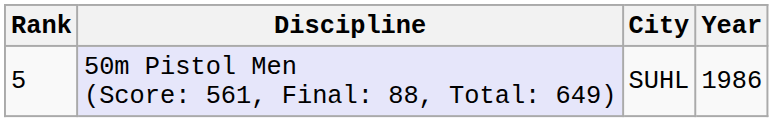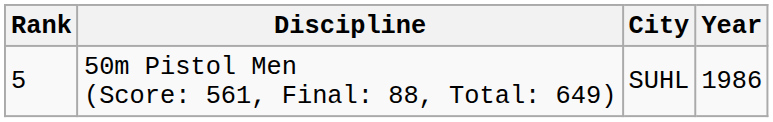 <table class="wikitable">
 <tr>
 <th>Rank</th>
 <th>Discipline</th>
 <th>City</th>
 <th>Year</th>
 </tr>
 <tr>
 <td>5</td>
-<td style="background: lavender;">50m Pistol Men<br>(Score: 561, Final: 88, Total: 649)</td>
+<td>50m Pistol Men<br>(Score: 561, Final: 88, Total: 649)</td>
 <td>SUHL</td>
 <td>1986</td>
 </tr>
 </table>
